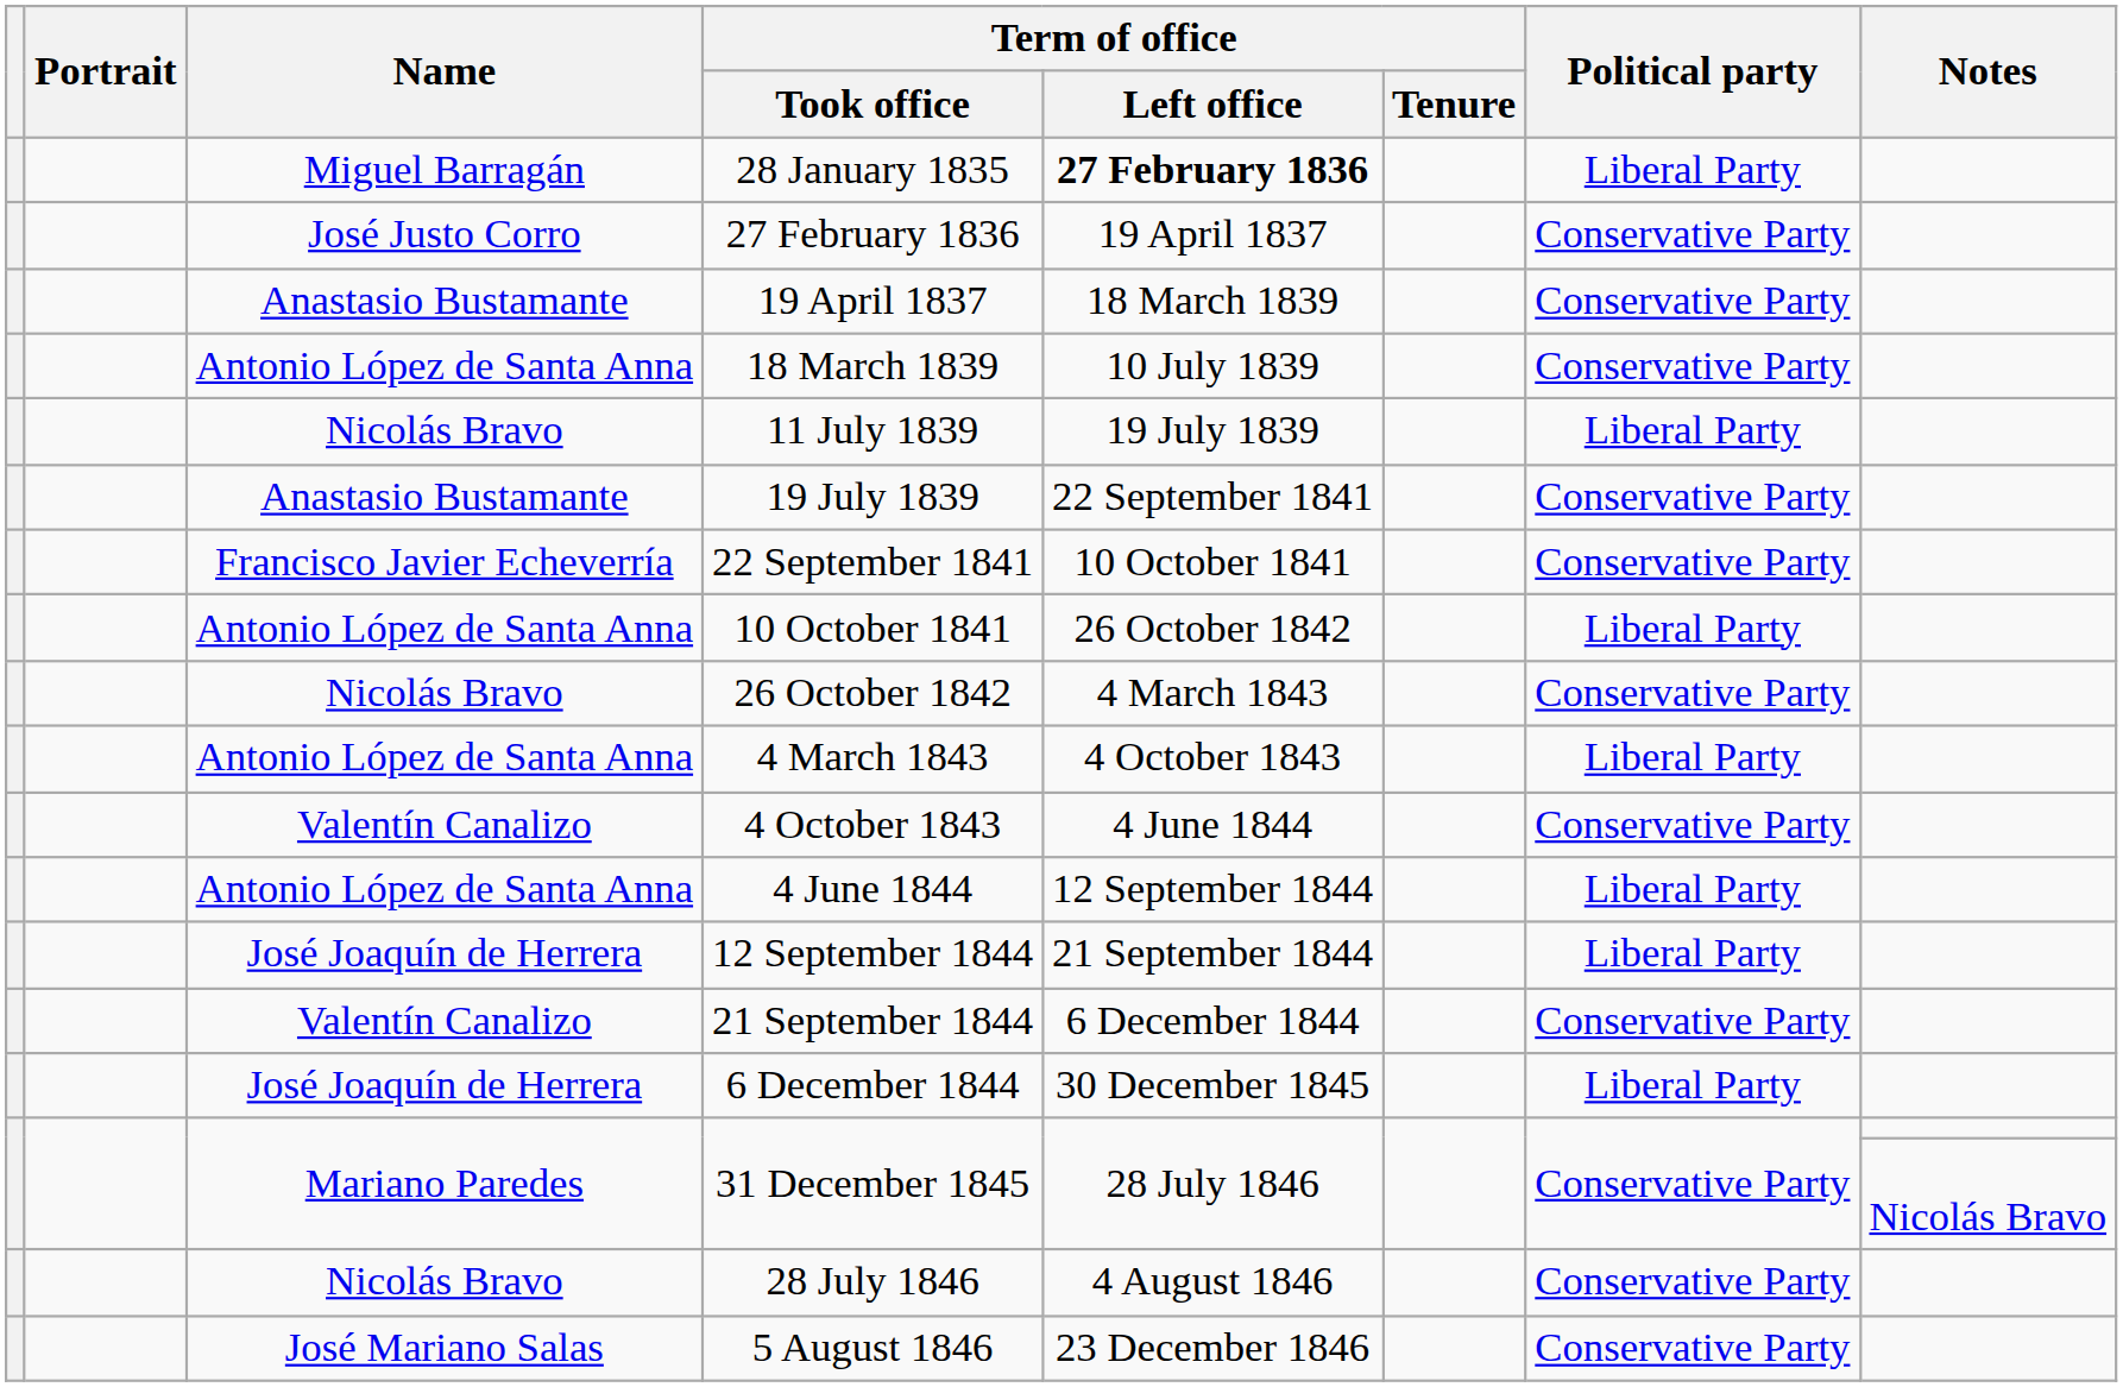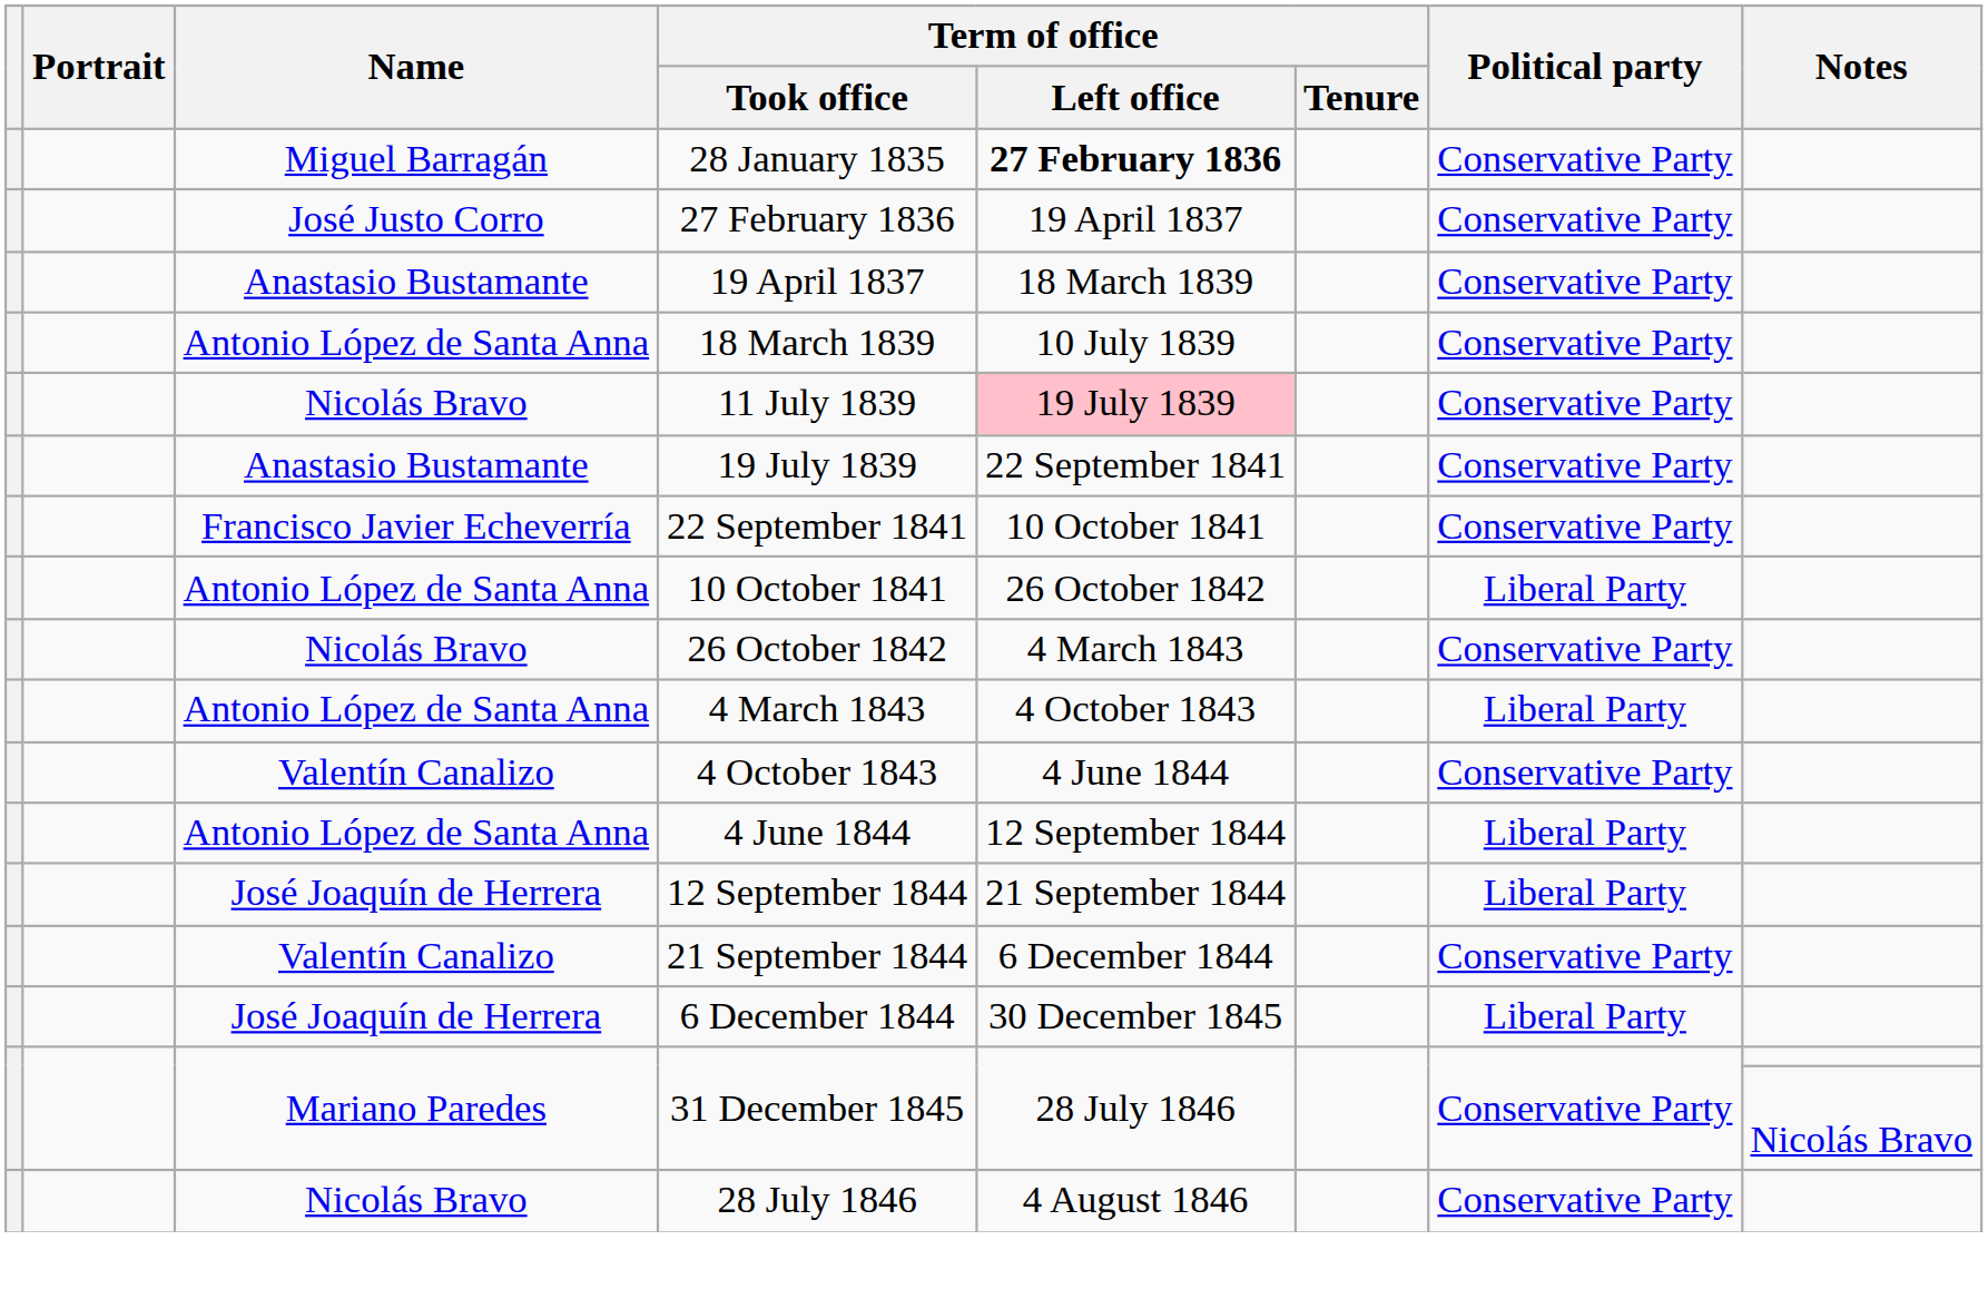 <table class="wikitable" style="text-align:center;">
 <tr>
 <th rowspan="2"></th>
 <th rowspan="2">Portrait</th>
 <th rowspan="2">Name<br></th>
 <th colspan="3">Term of office</th>
 <th rowspan="2">Political party</th>
 <th rowspan="2">Notes</th>
 </tr>
 <tr>
 <th>Took office</th>
 <th>Left office</th>
 <th>Tenure</th>
 </tr>
 <tr>
 <th style="background:"></th>
 <td></td>
 <td><a href='#'>Miguel Barragán</a><br></td>
 <td>28 January 1835</td>
 <td><strong>27 February 1836</strong></td>
 <td></td>
-<td><a href='#'>Liberal Party</a></td>
+<td><a href='#'>Conservative Party</a></td>
 <td></td>
 </tr>
 <tr>
 <th style="background:"></th>
 <td></td>
 <td><a href='#'>José Justo Corro</a><br></td>
 <td>27 February 1836</td>
 <td>19 April 1837</td>
 <td></td>
 <td><a href='#'>Conservative Party</a></td>
 <td></td>
 </tr>
 <tr>
 <th style="background:"></th>
 <td></td>
 <td><a href='#'>Anastasio Bustamante</a><br></td>
 <td>19 April 1837</td>
 <td>18 March 1839</td>
 <td></td>
 <td><a href='#'>Conservative Party</a></td>
 <td></td>
 </tr>
 <tr>
 <th style="background:"></th>
 <td></td>
 <td><a href='#'>Antonio López de Santa Anna</a><br></td>
 <td>18 March 1839</td>
 <td>10 July 1839</td>
 <td></td>
 <td><a href='#'>Conservative Party</a></td>
 <td></td>
 </tr>
 <tr>
 <th style="background:"></th>
 <td></td>
 <td><a href='#'>Nicolás Bravo</a><br></td>
 <td>11 July 1839</td>
-<td>19 July 1839</td>
+<td style="background: pink;">19 July 1839</td>
 <td></td>
-<td><a href='#'>Liberal Party</a></td>
+<td><a href='#'>Conservative Party</a></td>
 <td></td>
 </tr>
 <tr>
 <th style="background:"></th>
 <td></td>
 <td><a href='#'>Anastasio Bustamante</a><br></td>
 <td>19 July 1839</td>
 <td>22 September 1841</td>
 <td></td>
 <td><a href='#'>Conservative Party</a></td>
 <td></td>
 </tr>
 <tr>
 <th style="background:"></th>
 <td></td>
 <td><a href='#'>Francisco Javier Echeverría</a><br></td>
 <td>22 September 1841</td>
 <td>10 October 1841</td>
 <td></td>
 <td><a href='#'>Conservative Party</a></td>
 <td></td>
 </tr>
 <tr>
 <th style="background:"></th>
 <td></td>
 <td><a href='#'>Antonio López de Santa Anna</a><br></td>
 <td>10 October 1841</td>
 <td>26 October 1842</td>
 <td></td>
 <td><a href='#'>Liberal Party</a></td>
 <td></td>
 </tr>
 <tr>
 <th style="background:"></th>
 <td></td>
 <td><a href='#'>Nicolás Bravo</a><br></td>
 <td>26 October 1842</td>
 <td>4 March 1843</td>
 <td></td>
 <td><a href='#'>Conservative Party</a></td>
 <td></td>
 </tr>
 <tr>
 <th style="background:"></th>
 <td></td>
 <td><a href='#'>Antonio López de Santa Anna</a><br></td>
 <td>4 March 1843</td>
 <td>4 October 1843</td>
 <td></td>
 <td><a href='#'>Liberal Party</a></td>
 <td></td>
 </tr>
 <tr>
 <th style="background:"></th>
 <td></td>
 <td><a href='#'>Valentín Canalizo</a><br></td>
 <td>4 October 1843</td>
 <td>4 June 1844</td>
 <td></td>
 <td><a href='#'>Conservative Party</a></td>
 <td></td>
 </tr>
 <tr>
 <th style="background:"></th>
 <td></td>
 <td><a href='#'>Antonio López de Santa Anna</a><br></td>
 <td>4 June 1844</td>
 <td>12 September 1844</td>
 <td></td>
 <td><a href='#'>Liberal Party</a></td>
 <td></td>
 </tr>
 <tr>
 <th style="background:"></th>
 <td></td>
 <td><a href='#'>José Joaquín de Herrera</a><br></td>
 <td>12 September 1844</td>
 <td>21 September 1844</td>
 <td></td>
 <td><a href='#'>Liberal Party</a></td>
 <td></td>
 </tr>
 <tr>
 <th style="background:"></th>
 <td></td>
 <td><a href='#'>Valentín Canalizo</a><br></td>
 <td>21 September 1844</td>
 <td>6 December 1844</td>
 <td></td>
 <td><a href='#'>Conservative Party</a></td>
 <td></td>
 </tr>
 <tr>
 <th style="background:"></th>
 <td></td>
 <td><a href='#'>José Joaquín de Herrera</a><br></td>
 <td>6 December 1844</td>
 <td>30 December 1845</td>
 <td></td>
 <td><a href='#'>Liberal Party</a></td>
 <td></td>
 </tr>
 <tr>
 <th rowspan="2" style="background:"></th>
 <td rowspan="2"></td>
 <td rowspan="2"><a href='#'>Mariano Paredes</a><br></td>
 <td rowspan="2">31 December 1845</td>
 <td rowspan="2">28 July 1846</td>
 <td rowspan="2"></td>
 <td rowspan="2"><a href='#'>Conservative Party</a></td>
 <td></td>
 </tr>
 <tr>
 <td><br><a href='#'>Nicolás Bravo</a></td>
 </tr>
 <tr>
 <th style="background:"></th>
 <td></td>
 <td><a href='#'>Nicolás Bravo</a><br></td>
 <td>28 July 1846</td>
 <td>4 August 1846</td>
 <td></td>
 <td><a href='#'>Conservative Party</a></td>
 <td></td>
 </tr>
-<tr>
-<th style="background:"></th>
-<td></td>
-<td><a href='#'>José Mariano Salas</a><br></td>
-<td>5 August 1846</td>
-<td>23 December 1846</td>
-<td></td>
-<td><a href='#'>Conservative Party</a></td>
-<td><br></td>
-</tr>
 </table>
